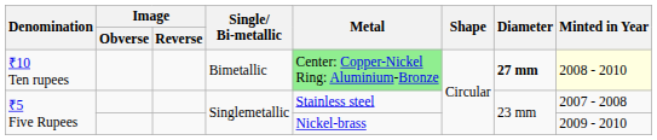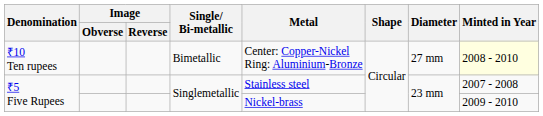 <table class="wikitable">
 <tr>
 <th rowspan="2">Denomination</th>
 <th colspan="2">Image</th>
 <th rowspan="2">Single/<br>Bi-metallic</th>
 <th rowspan="2">Metal</th>
 <th rowspan="2">Shape</th>
 <th rowspan="2">Diameter</th>
 <th rowspan="2">Minted in Year</th>
 </tr>
 <tr>
 <th>Obverse</th>
 <th>Reverse</th>
 </tr>
 <tr>
 <td><a href='#'>₹10</a><br>Ten rupees</td>
 <td></td>
 <td></td>
 <td>Bimetallic</td>
-<td style="background: lightgreen;">Center: <a href='#'>Copper-Nickel</a><br>Ring: <a href='#'>Aluminium</a>-<a href='#'>Bronze</a></td>
+<td>Center: <a href='#'>Copper-Nickel</a><br>Ring: <a href='#'>Aluminium</a>-<a href='#'>Bronze</a></td>
 <td rowspan="5">Circular</td>
-<td><strong>27 mm</strong></td>
+<td>27 mm</td>
 <td style="background: lightyellow;">2008 - 2010</td>
 </tr>
 <tr>
 <td rowspan="2"><a href='#'>₹5</a><br>Five Rupees</td>
 <td></td>
 <td></td>
 <td rowspan="2">Singlemetallic</td>
 <td><a href='#'>Stainless steel</a></td>
 <td rowspan="2">23 mm</td>
 <td>2007 - 2008</td>
 </tr>
 <tr>
 <td></td>
 <td></td>
 <td><a href='#'>Nickel-brass</a></td>
 <td>2009 - 2010</td>
 </tr>
 </table>
